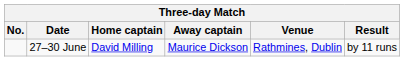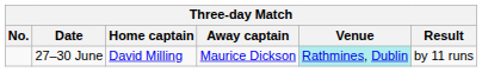 <table class="wikitable">
 <tr>
 <th colspan="9">Three-day Match</th>
 </tr>
 <tr>
 <th>No.</th>
 <th>Date</th>
 <th>Home captain</th>
 <th>Away captain</th>
 <th>Venue</th>
 <th>Result</th>
 </tr>
 <tr>
 <td></td>
 <td>27–30 June</td>
 <td><a href='#'>David Milling</a></td>
 <td><a href='#'>Maurice Dickson</a></td>
-<td><a href='#'>Rathmines</a>, <a href='#'>Dublin</a></td>
+<td style="background: paleturquoise;"><a href='#'>Rathmines</a>, <a href='#'>Dublin</a></td>
 <td> by 11 runs</td>
 </tr>
 </table>
